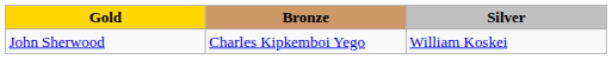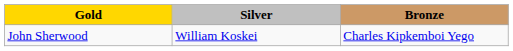 <table class="wikitable">
 <tr>
 <th scope=col style="background-color:gold; width:200px;">Gold</th>
+<th scope=col style="background-color:silver; width:200px;">Silver</th>
 <th scope=col style="background-color:#cc9966; width:200px;">Bronze</th>
-<th scope=col style="background-color:silver; width:200px;">Silver</th>
 </tr>
 <tr>
 <td><a href='#'>John Sherwood</a><br><em></em></td>
+<td><a href='#'>William Koskei</a><br><em></em></td>
 <td><a href='#'>Charles Kipkemboi Yego</a><br><em></em></td>
-<td><a href='#'>William Koskei</a><br><em></em></td>
 </tr>
 </table>
